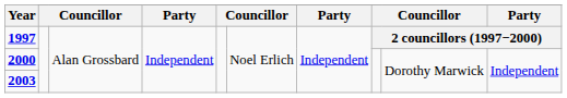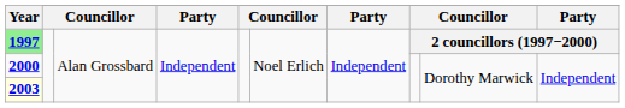 <table class="wikitable">
 <tr>
 <th rowspan="2">Year</th>
 </tr>
 <tr>
 <th colspan="2">Councillor</th>
 <th>Party</th>
 <th colspan="2">Councillor</th>
 <th>Party</th>
 <th colspan="2">Councillor</th>
 <th>Party</th>
 </tr>
 <tr>
-<td><strong><a href='#'>1997</a></strong></td>
+<td style="background: lightgreen;"><strong><a href='#'>1997</a></strong></td>
 <td rowspan="3" width="1px" > </td>
 <td rowspan="3">Alan Grossbard</td>
 <td rowspan="3"><a href='#'>Independent</a></td>
 <td rowspan="3" width="1px" > </td>
 <td rowspan="3">Noel Erlich</td>
 <td rowspan="3"><a href='#'>Independent</a></td>
 <th colspan=12; rowspan=1>2 councillors (1997−2000)</th>
 </tr>
 <tr>
 <td><strong><a href='#'>2000</a></strong></td>
 <td rowspan="2" width="1px" > </td>
 <td rowspan="2">Dorothy Marwick</td>
 <td rowspan="2"><a href='#'>Independent</a></td>
 </tr>
 <tr>
-<td><strong><a href='#'>2003</a></strong></td>
+<td style="background: lightyellow;"><strong><a href='#'>2003</a></strong></td>
 </tr>
 </table>
